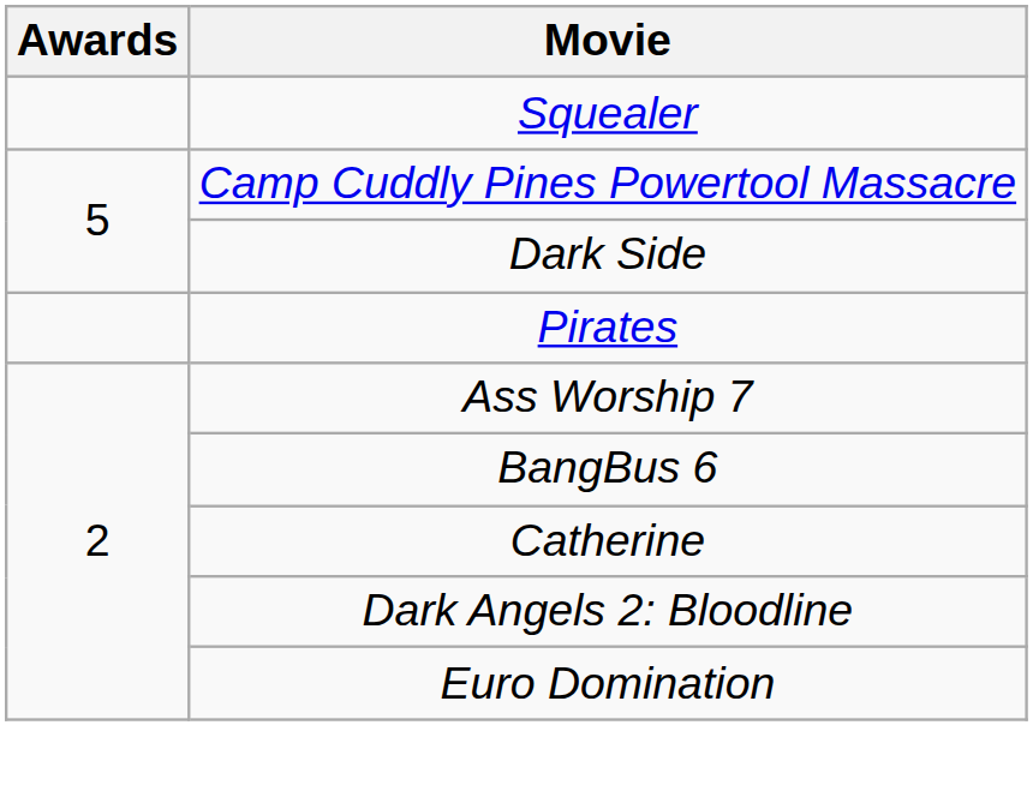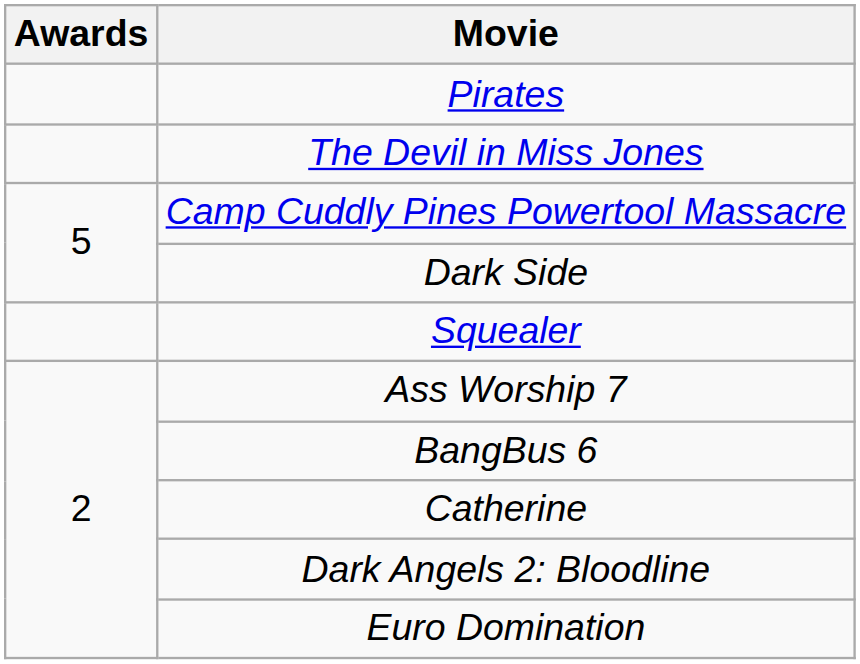 <table class="wikitable" style="text-align: center">
 <tr>
 <th scope="col" width="55">Awards</th>
 <th scope="col" align="center">Movie</th>
 </tr>
 <tr>
 <td></td>
-<td><em><a href='#'>Squealer</a></em></td>
+<td><em><a href='#'>Pirates</a></em></td>
+</tr>
+<tr>
+<td></td>
+<td><em><a href='#'>The Devil in Miss Jones</a></em></td>
 </tr>
 <tr>
 <td rowspan=2 style="text-align:center">5</td>
 <td><em><a href='#'>Camp Cuddly Pines Powertool Massacre</a></em></td>
 </tr>
 <tr>
 <td><em>Dark Side</em></td>
 </tr>
 <tr>
 <td></td>
-<td><em><a href='#'>Pirates</a></em></td>
+<td><em><a href='#'>Squealer</a></em></td>
 </tr>
 <tr>
 <td rowspan=5 style="text-align:center">2</td>
 <td><em>Ass Worship 7</em></td>
 </tr>
 <tr>
 <td><em>BangBus 6</em></td>
 </tr>
 <tr>
 <td><em>Catherine</em></td>
 </tr>
 <tr>
 <td><em>Dark Angels 2: Bloodline</em></td>
 </tr>
 <tr>
 <td><em>Euro Domination</em></td>
 </tr>
 </table>
